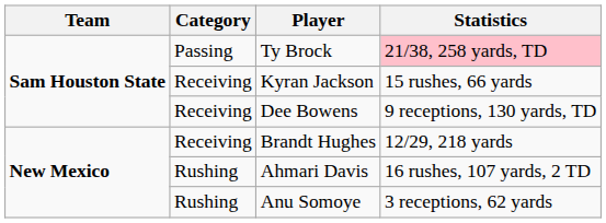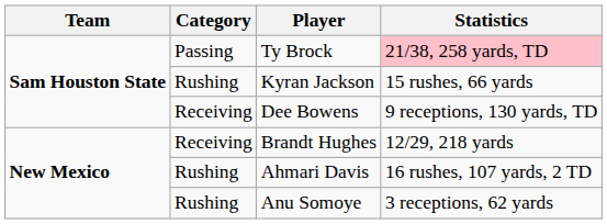 <table class="wikitable" style="float: left;">
 <tr>
 <th>Team</th>
 <th>Category</th>
 <th>Player</th>
 <th>Statistics</th>
 </tr>
 <tr>
 <td rowspan=3><strong>Sam Houston State</strong></td>
 <td>Passing</td>
 <td>Ty Brock</td>
 <td style="background: pink;">21/38, 258 yards, TD</td>
 </tr>
 <tr>
-<td>Receiving</td>
+<td>Rushing</td>
 <td>Kyran Jackson</td>
 <td>15 rushes, 66 yards</td>
 </tr>
 <tr>
 <td>Receiving</td>
 <td>Dee Bowens</td>
 <td>9 receptions, 130 yards, TD</td>
 </tr>
 <tr>
 <td rowspan=3><strong>New Mexico</strong></td>
 <td>Receiving</td>
 <td>Brandt Hughes</td>
 <td>12/29, 218 yards</td>
 </tr>
 <tr>
 <td>Rushing</td>
 <td>Ahmari Davis</td>
 <td>16 rushes, 107 yards, 2 TD</td>
 </tr>
 <tr>
 <td>Rushing</td>
 <td>Anu Somoye</td>
 <td>3 receptions, 62 yards</td>
 </tr>
 </table>
